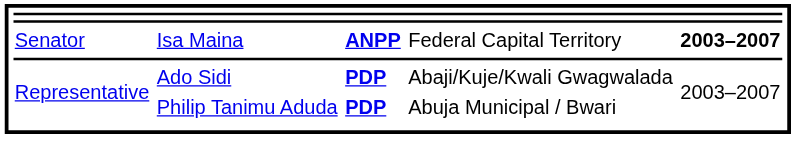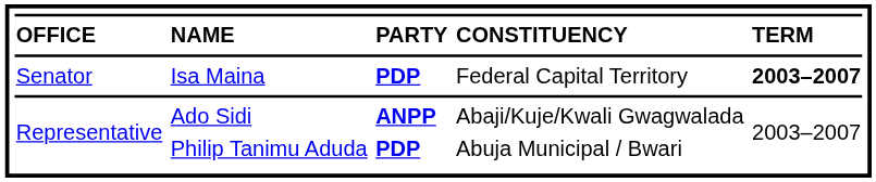 <table cellpadding=1 cellspacing=4 style="margin:3px; border:3px solid #000000;">
 <tr>
 <td bgcolor=#000000 colspan=5></td>
+</tr>
+<tr>
+<td><strong>OFFICE</strong></td>
+<td><strong>NAME</strong></td>
+<td><strong>PARTY</strong></td>
+<td><strong>CONSTITUENCY</strong></td>
+<td><strong>TERM</strong></td>
 </tr>
 <tr>
 <td bgcolor=#000000 colspan=5></td>
 </tr>
 <tr>
 <td><a href='#'>Senator</a></td>
 <td><a href='#'>Isa Maina</a></td>
-<td style="background:"><strong><a href='#'>ANPP</a></strong></td>
+<td><strong><a href='#'>PDP</a></strong></td>
 <td>Federal Capital Territory</td>
 <td><strong>2003–2007</strong></td>
 </tr>
 <tr>
 <td bgcolor=#000000 colspan=5></td>
 </tr>
 <tr>
 <td rowspan="2"><a href='#'>Representative</a></td>
 <td><a href='#'>Ado Sidi</a></td>
-<td><strong><a href='#'>PDP</a></strong></td>
+<td style="background:"><strong><a href='#'>ANPP</a></strong></td>
 <td>Abaji/Kuje/Kwali Gwagwalada</td>
 <td rowspan="2">2003–2007</td>
 </tr>
 <tr>
 <td><a href='#'>Philip Tanimu Aduda</a></td>
 <td><strong><a href='#'>PDP</a></strong></td>
 <td>Abuja Municipal / Bwari</td>
 </tr>
 <tr>
 </tr>
 </table>
